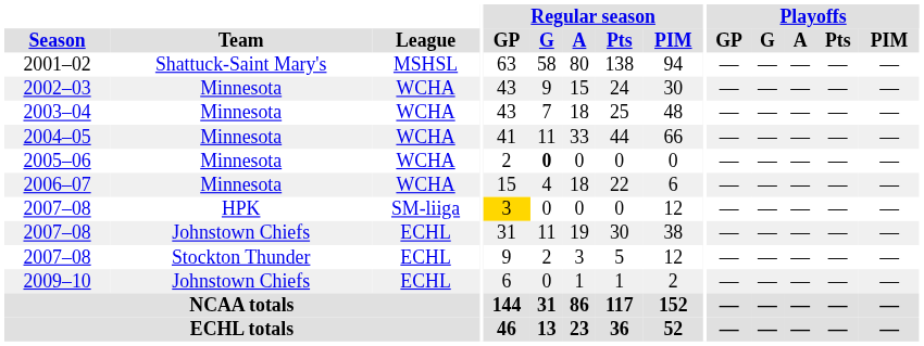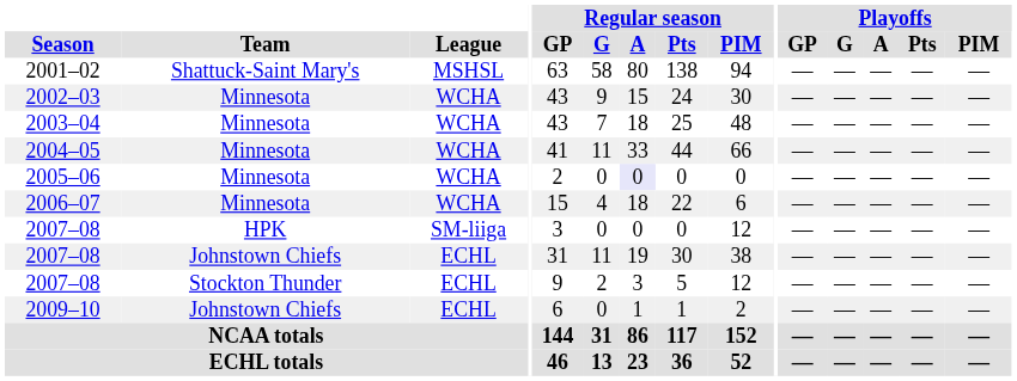 <table border="0" cellpadding="1" cellspacing="0" style="width:60%; text-align:center;">
 <tr bgcolor="#e0e0e0">
 <th colspan="3" bgcolor="#ffffff"></th>
 <th rowspan="99" bgcolor="#ffffff"></th>
 <th colspan="5" bgcolor="#e0e0e0"><a href='#'>Regular season</a></th>
 <th rowspan="99" bgcolor="#ffffff"></th>
 <th colspan="5" bgcolor="#e0e0e0"><a href='#'>Playoffs</a></th>
 </tr>
 <tr bgcolor="#e0e0e0">
 <th><a href='#'>Season</a></th>
 <th>Team</th>
 <th>League</th>
 <th>GP</th>
 <th><a href='#'>G</a></th>
 <th><a href='#'>A</a></th>
 <th><a href='#'>Pts</a></th>
 <th><a href='#'>PIM</a></th>
 <th>GP</th>
 <th>G</th>
 <th>A</th>
 <th>Pts</th>
 <th>PIM</th>
 </tr>
 <tr>
 <td>2001–02</td>
 <td><a href='#'>Shattuck-Saint Mary's</a></td>
 <td><a href='#'>MSHSL</a></td>
 <td>63</td>
 <td>58</td>
 <td>80</td>
 <td>138</td>
 <td>94</td>
 <td>—</td>
 <td>—</td>
 <td>—</td>
 <td>—</td>
 <td>—</td>
 </tr>
 <tr bgcolor="#f0f0f0">
 <td><a href='#'>2002–03</a></td>
 <td><a href='#'>Minnesota</a></td>
 <td><a href='#'>WCHA</a></td>
 <td>43</td>
 <td>9</td>
 <td>15</td>
 <td>24</td>
 <td>30</td>
 <td>—</td>
 <td>—</td>
 <td>—</td>
 <td>—</td>
 <td>—</td>
 </tr>
 <tr>
 <td><a href='#'>2003–04</a></td>
 <td><a href='#'>Minnesota</a></td>
 <td><a href='#'>WCHA</a></td>
 <td>43</td>
 <td>7</td>
 <td>18</td>
 <td>25</td>
 <td>48</td>
 <td>—</td>
 <td>—</td>
 <td>—</td>
 <td>—</td>
 <td>—</td>
 </tr>
 <tr bgcolor="#f0f0f0">
 <td><a href='#'>2004–05</a></td>
 <td><a href='#'>Minnesota</a></td>
 <td><a href='#'>WCHA</a></td>
 <td>41</td>
 <td>11</td>
 <td>33</td>
 <td>44</td>
 <td>66</td>
 <td>—</td>
 <td>—</td>
 <td>—</td>
 <td>—</td>
 <td>—</td>
 </tr>
 <tr>
 <td><a href='#'>2005–06</a></td>
 <td><a href='#'>Minnesota</a></td>
 <td><a href='#'>WCHA</a></td>
 <td>2</td>
-<td><strong>0</strong></td>
 <td>0</td>
+<td style="background: lavender;">0</td>
 <td>0</td>
 <td>0</td>
 <td>—</td>
 <td>—</td>
 <td>—</td>
 <td>—</td>
 <td>—</td>
 </tr>
 <tr bgcolor="#f0f0f0">
 <td><a href='#'>2006–07</a></td>
 <td><a href='#'>Minnesota</a></td>
 <td><a href='#'>WCHA</a></td>
 <td>15</td>
 <td>4</td>
 <td>18</td>
 <td>22</td>
 <td>6</td>
 <td>—</td>
 <td>—</td>
 <td>—</td>
 <td>—</td>
 <td>—</td>
 </tr>
 <tr>
 <td><a href='#'>2007–08</a></td>
 <td><a href='#'>HPK</a></td>
 <td><a href='#'>SM-liiga</a></td>
-<td style="background: gold;">3</td>
+<td>3</td>
 <td>0</td>
 <td>0</td>
 <td>0</td>
 <td>12</td>
 <td>—</td>
 <td>—</td>
 <td>—</td>
 <td>—</td>
 <td>—</td>
 </tr>
 <tr bgcolor="#f0f0f0">
 <td><a href='#'>2007–08</a></td>
 <td><a href='#'>Johnstown Chiefs</a></td>
 <td><a href='#'>ECHL</a></td>
 <td>31</td>
 <td>11</td>
 <td>19</td>
 <td>30</td>
 <td>38</td>
 <td>—</td>
 <td>—</td>
 <td>—</td>
 <td>—</td>
 <td>—</td>
 </tr>
 <tr>
 <td><a href='#'>2007–08</a></td>
 <td><a href='#'>Stockton Thunder</a></td>
 <td><a href='#'>ECHL</a></td>
 <td>9</td>
 <td>2</td>
 <td>3</td>
 <td>5</td>
 <td>12</td>
 <td>—</td>
 <td>—</td>
 <td>—</td>
 <td>—</td>
 <td>—</td>
 </tr>
 <tr bgcolor="#f0f0f0">
 <td><a href='#'>2009–10</a></td>
 <td><a href='#'>Johnstown Chiefs</a></td>
 <td><a href='#'>ECHL</a></td>
 <td>6</td>
 <td>0</td>
 <td>1</td>
 <td>1</td>
 <td>2</td>
 <td>—</td>
 <td>—</td>
 <td>—</td>
 <td>—</td>
 <td>—</td>
 </tr>
 <tr bgcolor="#e0e0e0">
 <th colspan="3">NCAA totals</th>
 <th>144</th>
 <th>31</th>
 <th>86</th>
 <th>117</th>
 <th>152</th>
 <th>—</th>
 <th>—</th>
 <th>—</th>
 <th>—</th>
 <th>—</th>
 </tr>
 <tr bgcolor="#e0e0e0">
 <th colspan="3">ECHL totals</th>
 <th>46</th>
 <th>13</th>
 <th>23</th>
 <th>36</th>
 <th>52</th>
 <th>—</th>
 <th>—</th>
 <th>—</th>
 <th>—</th>
 <th>—</th>
 </tr>
 </table>
